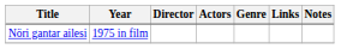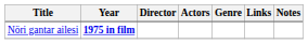 <table class="sortable wikitable" align=left border=1 cellpadding=6 cellspacing=0 style="margin: 0 0 0 1em; background: #ffffff; border: 1px #aaaaaa solid; border-collapse: collapse; text-align:left; font-size: 95%;">
 <tr style="text-align:center; background: #efefef; border-bottom:2px solid gray;">
 <th>Title</th>
 <th>Year</th>
 <th>Director</th>
 <th>Actors</th>
 <th>Genre</th>
 <th>Links</th>
 <th>Notes</th>
 </tr>
 <tr>
 <td><a href='#'>Nöri gantar ailesi</a></td>
-<td><a href='#'>1975 in film</a></td>
+<td><strong><a href='#'>1975 in film</a></strong></td>
 <td></td>
 <td></td>
 <td></td>
 <td></td>
 <td></td>
 </tr>
 <tr>
 </tr>
 </table>
